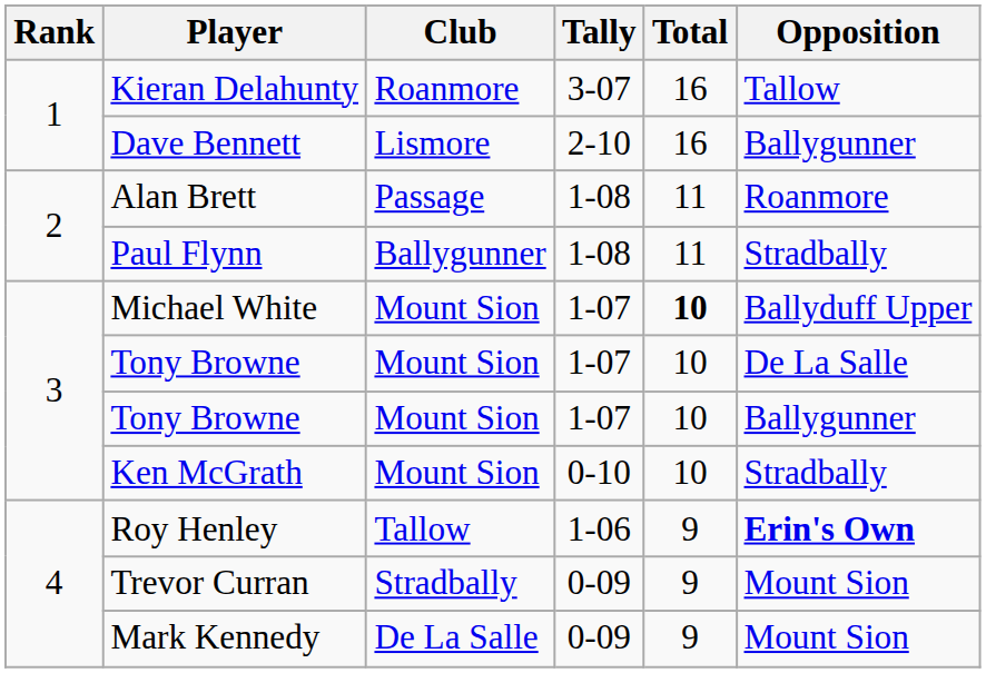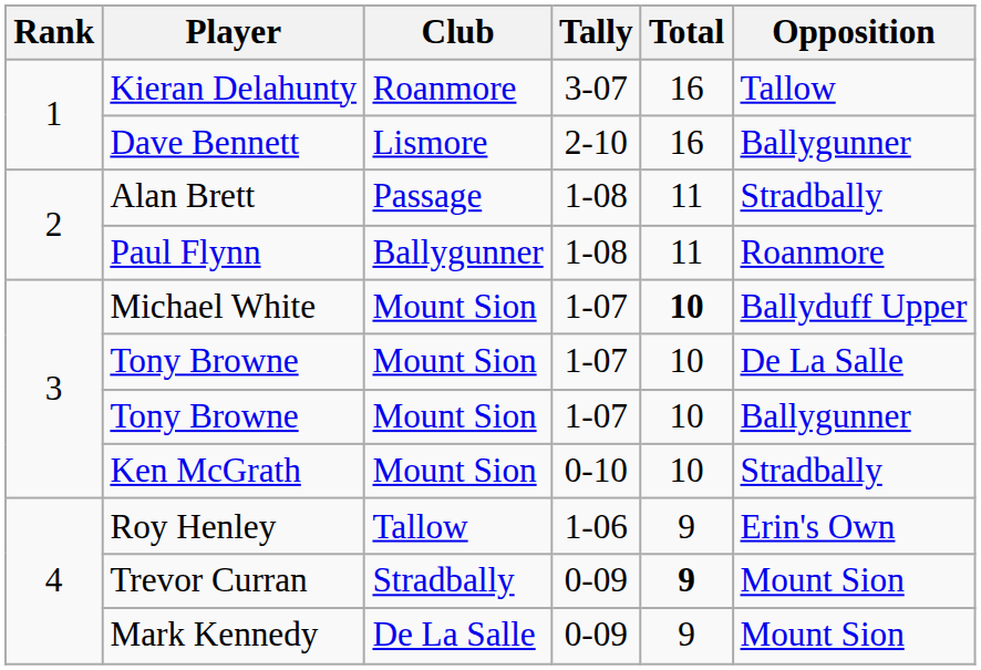 <table class="wikitable">
 <tr>
 <th>Rank</th>
 <th>Player</th>
 <th>Club</th>
 <th>Tally</th>
 <th>Total</th>
 <th>Opposition</th>
 </tr>
 <tr>
 <td rowspan="2" style="text-align:center;">1</td>
 <td><a href='#'>Kieran Delahunty</a></td>
 <td><a href='#'>Roanmore</a></td>
 <td align=center>3-07</td>
 <td align=center>16</td>
 <td><a href='#'>Tallow</a></td>
 </tr>
 <tr>
 <td><a href='#'>Dave Bennett</a></td>
 <td><a href='#'>Lismore</a></td>
 <td align=center>2-10</td>
 <td align=center>16</td>
 <td><a href='#'>Ballygunner</a></td>
 </tr>
 <tr>
 <td rowspan="2" style="text-align:center;">2</td>
 <td>Alan Brett</td>
 <td><a href='#'>Passage</a></td>
 <td align=center>1-08</td>
 <td align=center>11</td>
-<td><a href='#'>Roanmore</a></td>
+<td><a href='#'>Stradbally</a></td>
 </tr>
 <tr>
 <td><a href='#'>Paul Flynn</a></td>
 <td><a href='#'>Ballygunner</a></td>
 <td align=center>1-08</td>
 <td align=center>11</td>
-<td><a href='#'>Stradbally</a></td>
+<td><a href='#'>Roanmore</a></td>
 </tr>
 <tr>
 <td rowspan="4" style="text-align:center;">3</td>
 <td>Michael White</td>
 <td><a href='#'>Mount Sion</a></td>
 <td align=center>1-07</td>
 <td align=center><strong>10</strong></td>
 <td><a href='#'>Ballyduff Upper</a></td>
 </tr>
 <tr>
 <td><a href='#'>Tony Browne</a></td>
 <td><a href='#'>Mount Sion</a></td>
 <td align=center>1-07</td>
 <td align=center>10</td>
 <td><a href='#'>De La Salle</a></td>
 </tr>
 <tr>
 <td><a href='#'>Tony Browne</a></td>
 <td><a href='#'>Mount Sion</a></td>
 <td align=center>1-07</td>
 <td align=center>10</td>
 <td><a href='#'>Ballygunner</a></td>
 </tr>
 <tr>
 <td><a href='#'>Ken McGrath</a></td>
 <td><a href='#'>Mount Sion</a></td>
 <td align=center>0-10</td>
 <td align=center>10</td>
 <td><a href='#'>Stradbally</a></td>
 </tr>
 <tr>
 <td rowspan="3" style="text-align:center;">4</td>
 <td>Roy Henley</td>
 <td><a href='#'>Tallow</a></td>
 <td align=center>1-06</td>
 <td align=center>9</td>
-<td><strong><a href='#'>Erin's Own</a></strong></td>
+<td><a href='#'>Erin's Own</a></td>
 </tr>
 <tr>
 <td>Trevor Curran</td>
 <td><a href='#'>Stradbally</a></td>
 <td align=center>0-09</td>
-<td align=center>9</td>
+<td align=center><strong>9</strong></td>
 <td><a href='#'>Mount Sion</a></td>
 </tr>
 <tr>
 <td>Mark Kennedy</td>
 <td><a href='#'>De La Salle</a></td>
 <td align=center>0-09</td>
 <td align=center>9</td>
 <td><a href='#'>Mount Sion</a></td>
 </tr>
 </table>
